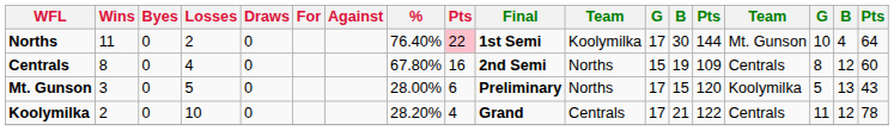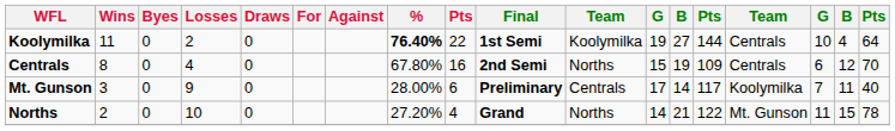 <table class="wikitable">
 <tr>
 <th style="color:crimson">WFL</th>
 <th style="color:crimson">Wins</th>
 <th style="color:crimson">Byes</th>
 <th style="color:crimson">Losses</th>
 <th style="color:crimson">Draws</th>
 <th style="color:crimson">For</th>
 <th style="color:crimson">Against</th>
 <th style="color:crimson">%</th>
 <th style="color:crimson">Pts</th>
 <th style="color:green">Final</th>
 <th style="color:green">Team</th>
 <th style="color:green">G</th>
 <th style="color:green">B</th>
 <th style="color:green">Pts</th>
 <th style="color:green">Team</th>
 <th style="color:green">G</th>
 <th style="color:green">B</th>
 <th style="color:green">Pts</th>
 </tr>
 <tr>
-<td><strong>	Norths	</strong></td>
+<td><strong>	Koolymilka	</strong></td>
 <td>11</td>
 <td>0</td>
 <td>2</td>
 <td>0</td>
 <td></td>
 <td></td>
-<td>76.40%</td>
-<td style="background: pink;">22</td>
+<td><strong>76.40%</strong></td>
+<td>22</td>
 <td><strong>1st Semi</strong></td>
 <td>Koolymilka</td>
-<td>17</td>
-<td>30</td>
+<td>19</td>
+<td>27</td>
 <td>144</td>
-<td>Mt. Gunson</td>
+<td>Centrals</td>
 <td>10</td>
 <td>4</td>
 <td>64</td>
 </tr>
 <tr>
 <td><strong>	Centrals	</strong></td>
 <td>8</td>
 <td>0</td>
 <td>4</td>
 <td>0</td>
 <td></td>
 <td></td>
 <td>67.80%</td>
 <td>16</td>
 <td><strong>2nd Semi</strong></td>
 <td>Norths</td>
 <td>15</td>
 <td>19</td>
 <td>109</td>
 <td>Centrals</td>
-<td>8</td>
+<td>6</td>
 <td>12</td>
-<td>60</td>
+<td>70</td>
 </tr>
 <tr>
 <td><strong>	Mt. Gunson	</strong></td>
 <td>3</td>
 <td>0</td>
-<td>5</td>
+<td>9</td>
 <td>0</td>
 <td></td>
 <td></td>
 <td>28.00%</td>
 <td>6</td>
 <td><strong>Preliminary</strong></td>
-<td>Norths</td>
+<td>Centrals</td>
 <td>17</td>
-<td>15</td>
-<td>120</td>
+<td>14</td>
+<td>117</td>
 <td>Koolymilka</td>
-<td>5</td>
-<td>13</td>
-<td>43</td>
+<td>7</td>
+<td>11</td>
+<td>40</td>
 </tr>
 <tr>
-<td><strong>	Koolymilka	</strong></td>
+<td><strong>	Norths	</strong></td>
 <td>2</td>
 <td>0</td>
 <td>10</td>
 <td>0</td>
 <td></td>
 <td></td>
-<td>28.20%</td>
+<td>27.20%</td>
 <td>4</td>
 <td><strong>Grand</strong></td>
-<td>Centrals</td>
-<td>17</td>
+<td>Norths</td>
+<td>14</td>
 <td>21</td>
 <td>122</td>
-<td>Centrals</td>
+<td>Mt. Gunson</td>
 <td>11</td>
-<td>12</td>
+<td>15</td>
 <td>78</td>
 </tr>
 <tr>
 </tr>
 </table>
